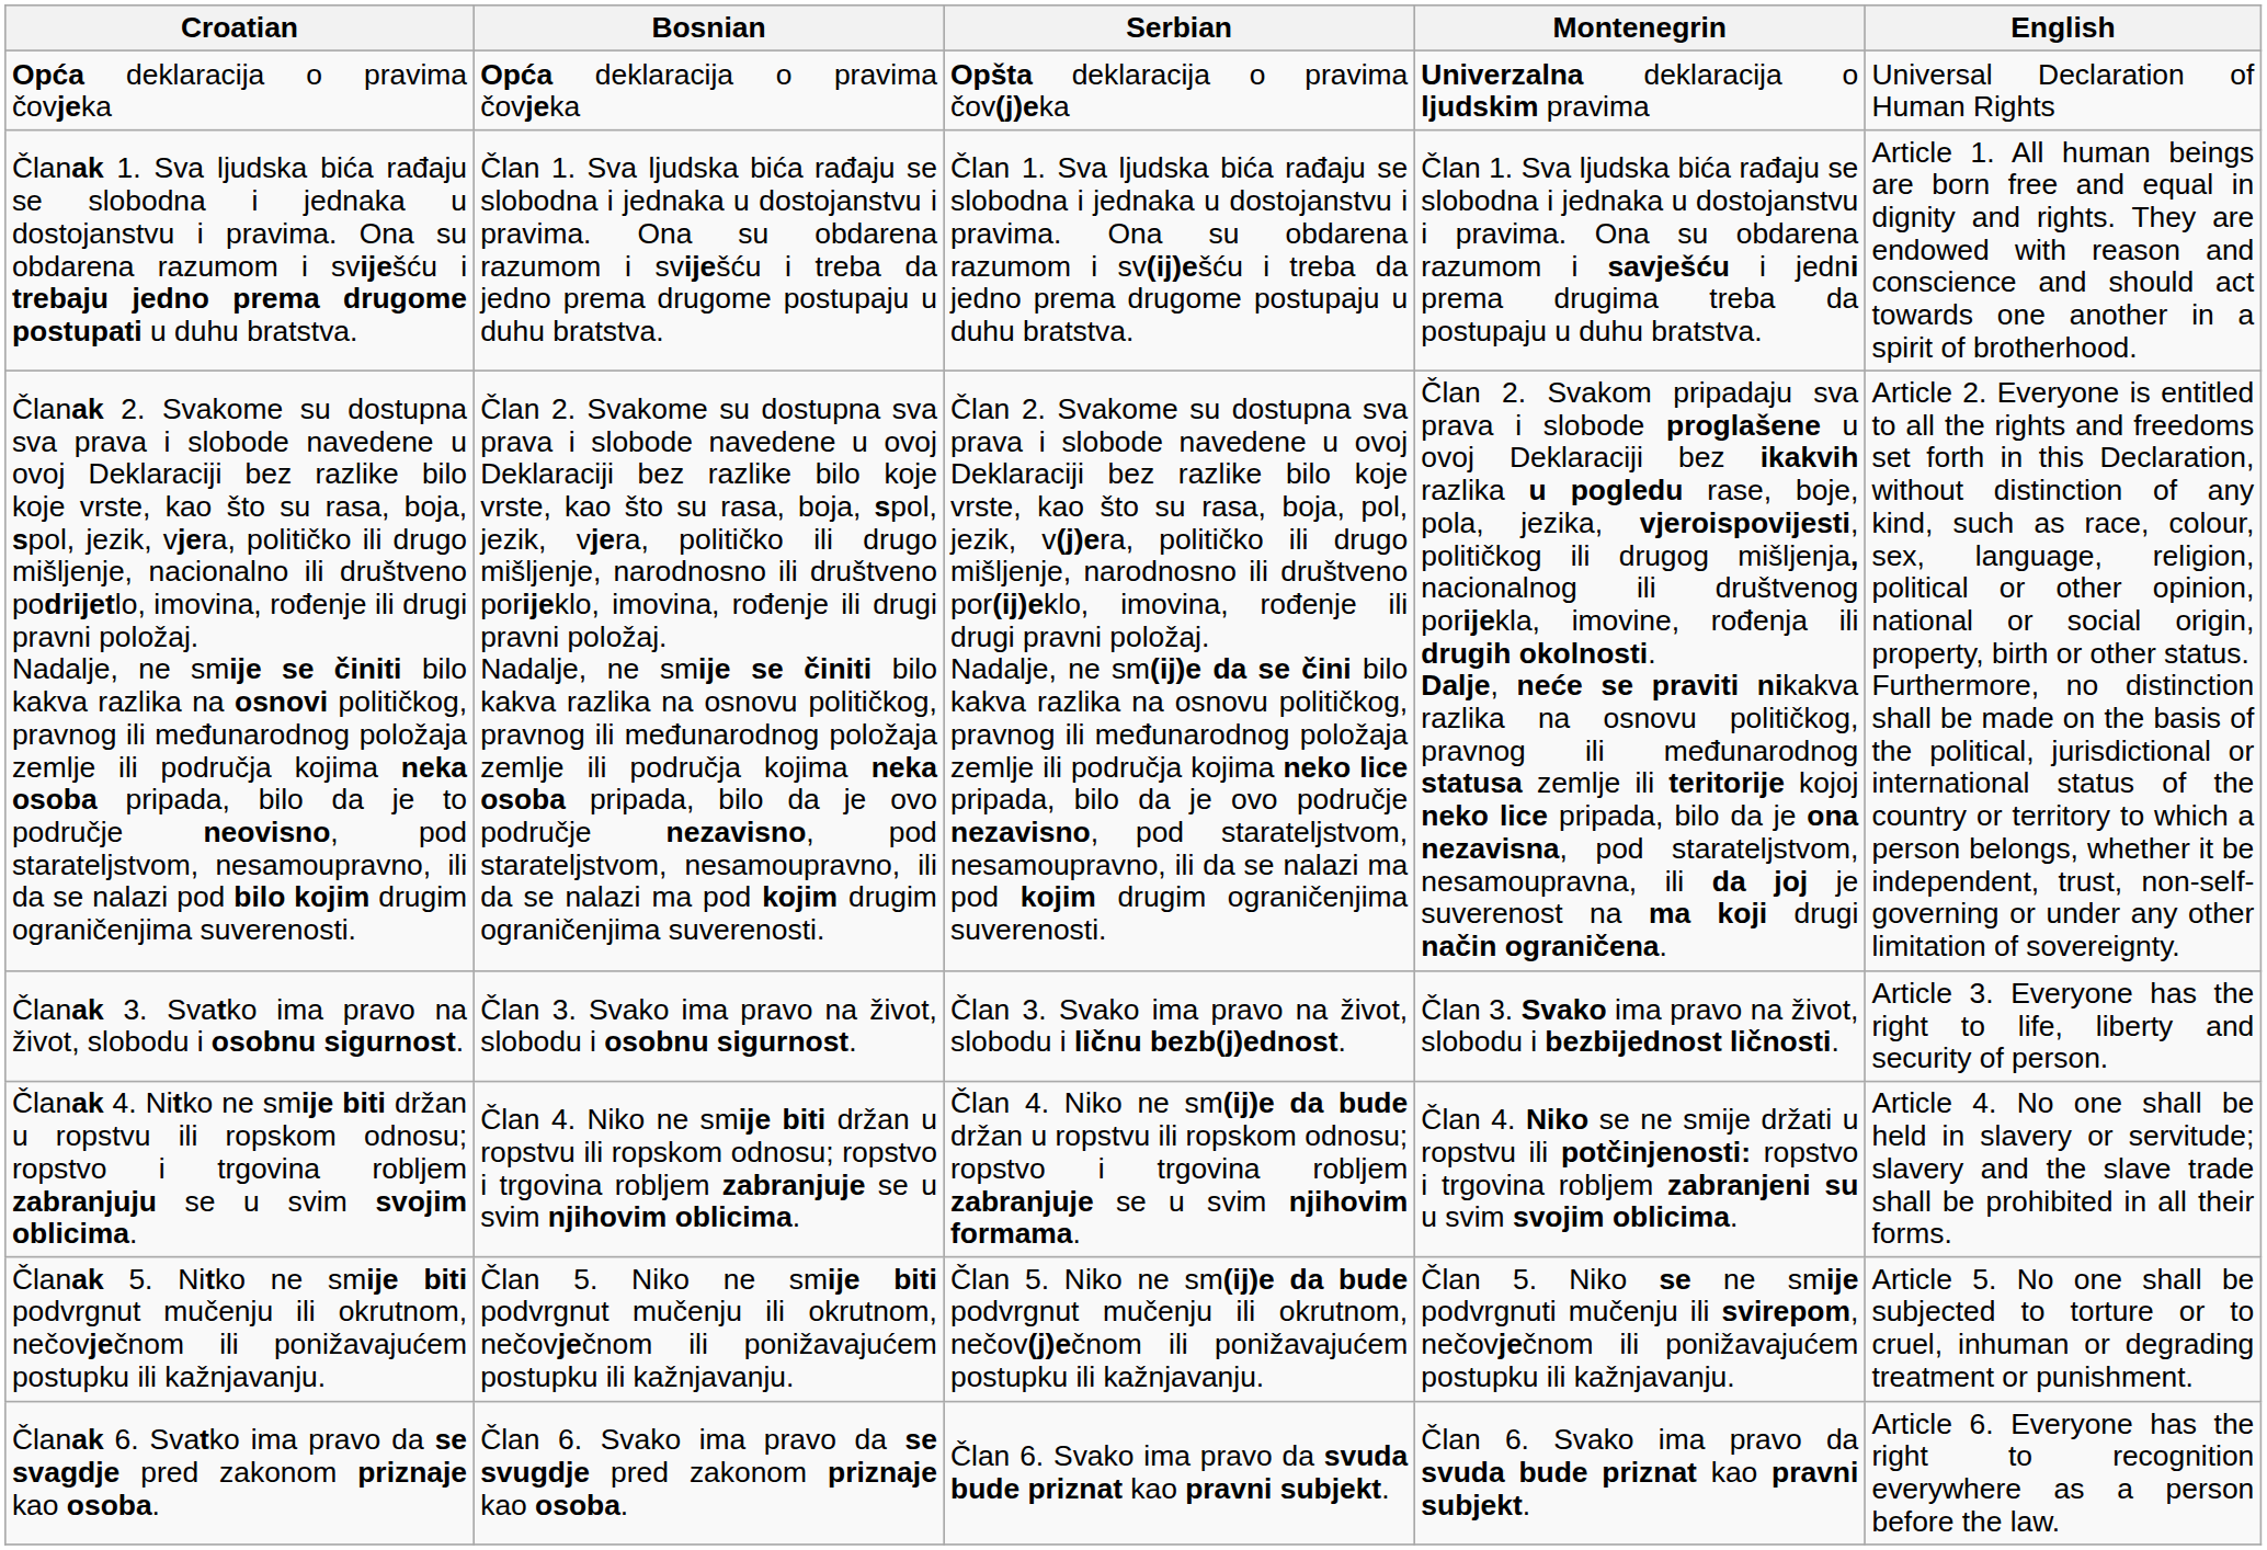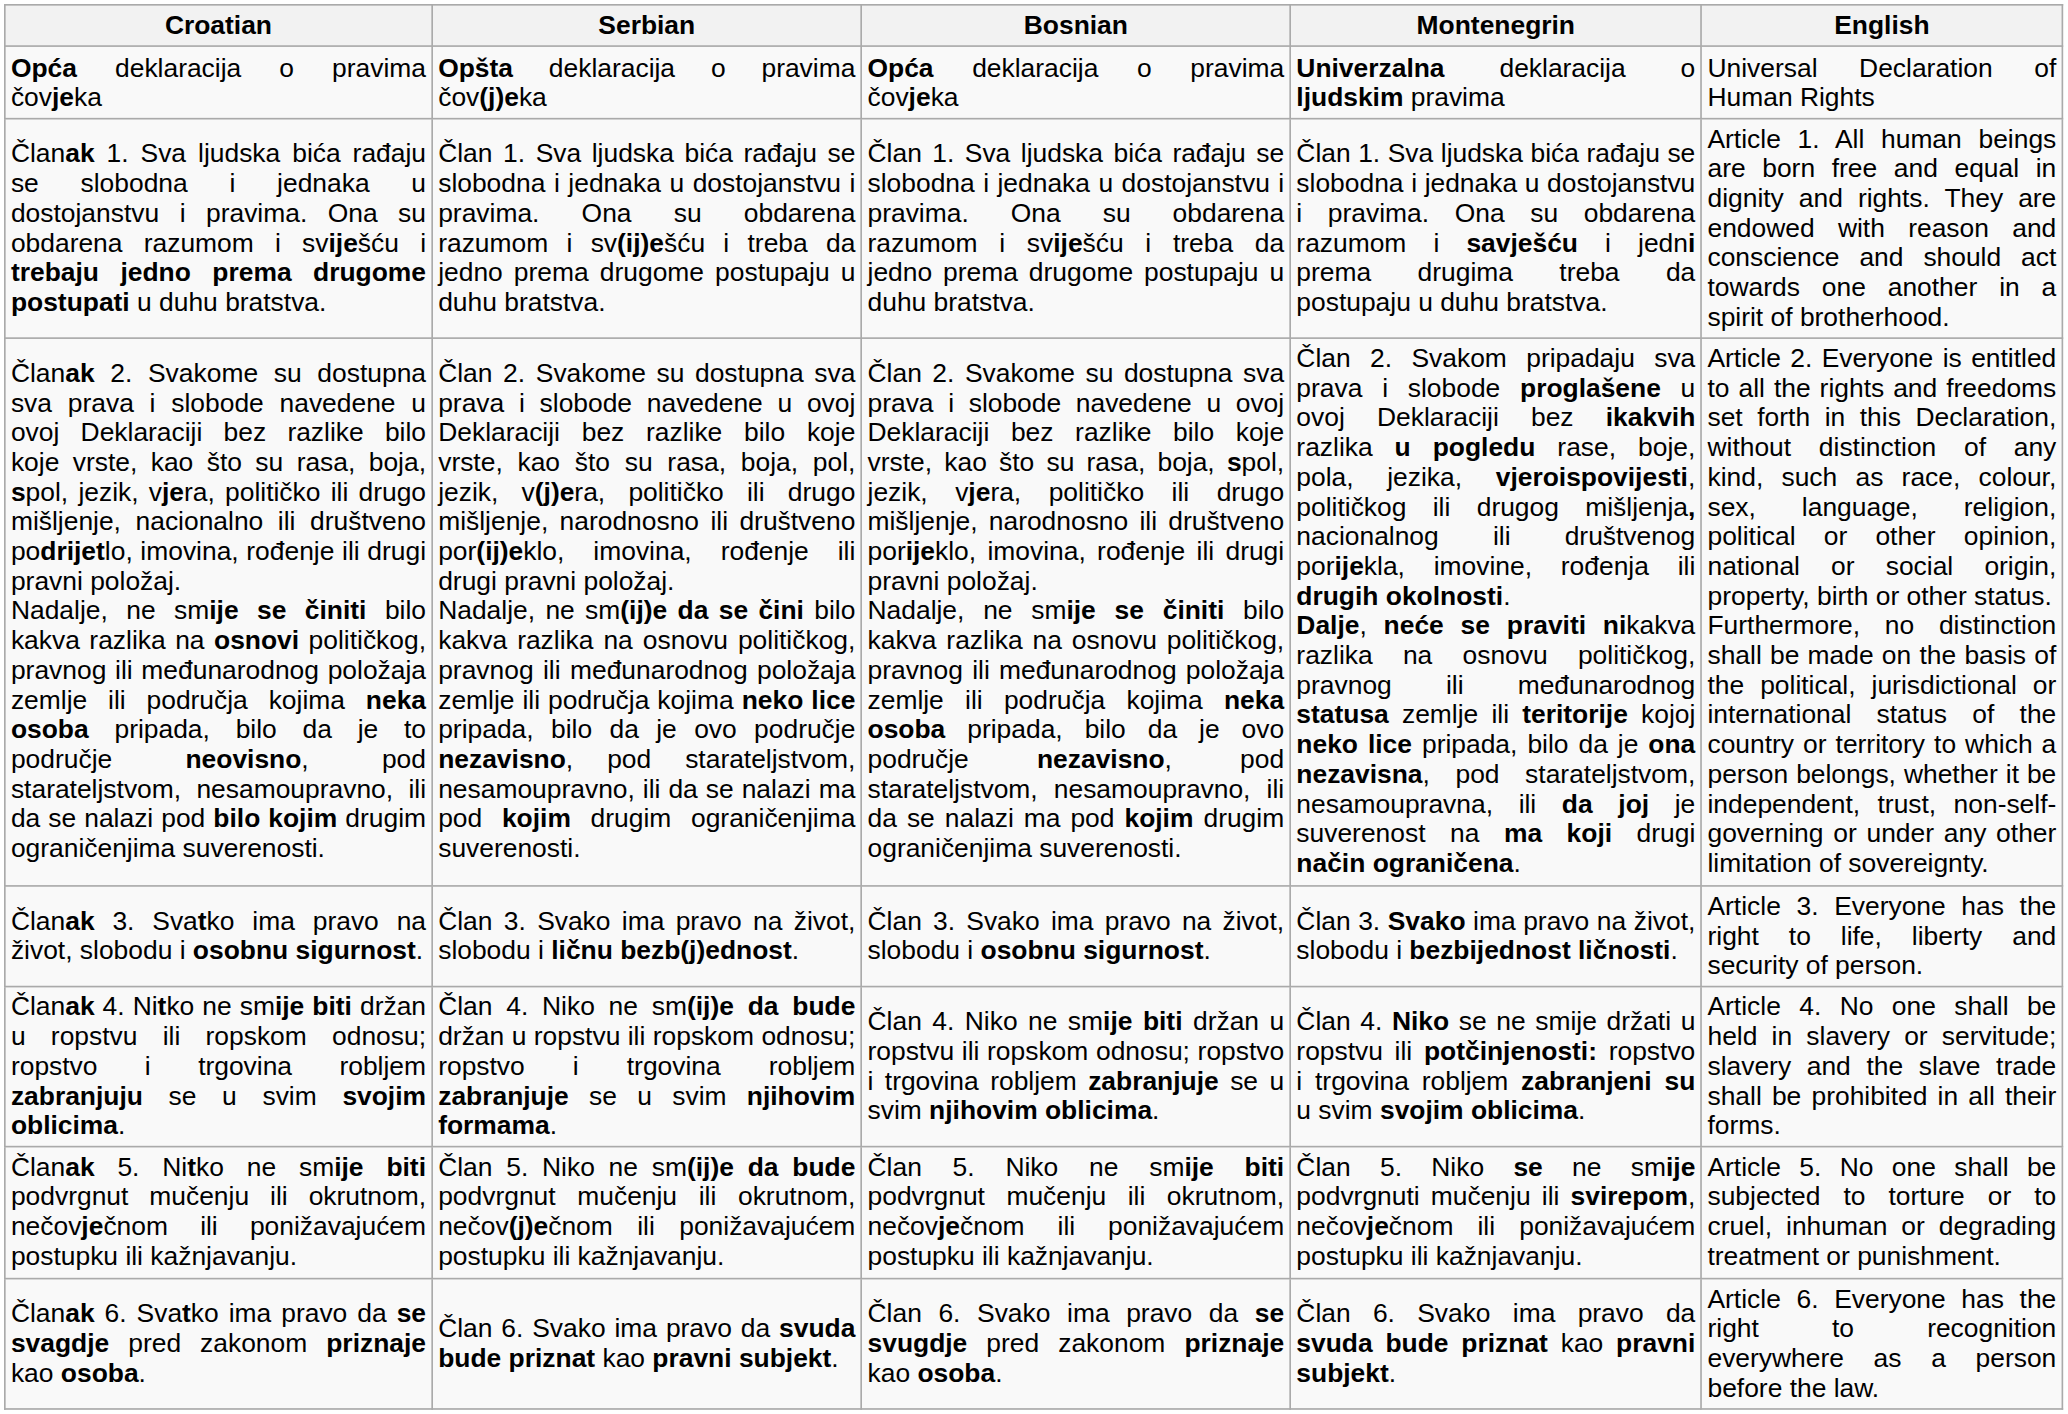 <table class="wikitable" style="text-align: justify;">
 <tr>
 <th>Croatian</th>
+<th>Serbian</th>
 <th>Bosnian</th>
-<th>Serbian</th>
 <th>Montenegrin</th>
 <th>English</th>
 </tr>
 <tr>
 <td><strong>Opća</strong> deklaracija o pravima čov<strong>je</strong>ka</td>
+<td><strong>Opšta</strong> deklaracija o pravima čov<strong>(j)e</strong>ka</td>
 <td><strong>Opća</strong> deklaracija o pravima čov<strong>je</strong>ka</td>
-<td><strong>Opšta</strong> deklaracija o pravima čov<strong>(j)e</strong>ka</td>
 <td><strong>Univerzalna</strong> deklaracija o <strong>ljudskim</strong> pravima</td>
 <td>Universal Declaration of Human Rights</td>
 </tr>
 <tr>
 <td>Član<strong>ak</strong> 1. Sva ljudska bića rađaju se slobodna i jednaka u dostojanstvu i pravima. Ona su obdarena razumom i sv<strong>ije</strong>šću i <strong>trebaju jedno prema drugome postupati</strong> u duhu bratstva.</td>
+<td>Član 1. Sva ljudska bića rađaju se slobodna i jednaka u dostojanstvu i pravima. Ona su obdarena razumom i sv<strong>(ij)e</strong>šću i treba da jedno prema drugome postupaju u duhu bratstva.</td>
 <td>Član 1. Sva ljudska bića rađaju se slobodna i jednaka u dostojanstvu i pravima. Ona su obdarena razumom i sv<strong>ije</strong>šću i treba da jedno prema drugome postupaju u duhu bratstva.</td>
-<td>Član 1. Sva ljudska bića rađaju se slobodna i jednaka u dostojanstvu i pravima. Ona su obdarena razumom i sv<strong>(ij)e</strong>šću i treba da jedno prema drugome postupaju u duhu bratstva.</td>
 <td>Član 1. Sva ljudska bića rađaju se slobodna i jednaka u dostojanstvu i pravima. Ona su obdarena razumom i <strong>savješću</strong> i jedn<strong>i</strong> prema drugima treba da postupaju u duhu bratstva.</td>
 <td>Article 1. All human beings are born free and equal in dignity and rights. They are endowed with reason and conscience and should act towards one another in a spirit of brotherhood.</td>
 </tr>
 <tr>
 <td>Član<strong>ak</strong> 2. Svakome su dostupna sva prava i slobode navedene u ovoj Deklaraciji bez razlike bilo koje vrste, kao što su rasa, boja, <strong>s</strong>pol, jezik, v<strong>je</strong>ra, političko ili drugo mišljenje, nacionalno ili društveno po<strong>drijet</strong>lo, imovina, rođenje ili drugi pravni položaj.<br>Nadalje, ne sm<strong>ije</strong> <strong>se činiti</strong> bilo kakva razlika na <strong>osnovi</strong> političkog, pravnog ili međunarodnog položaja zemlje ili područja kojima <strong>neka osoba</strong> pripada, bilo da je to područje <strong>neovisno</strong>, pod starateljstvom, nesamoupravno, ili da se nalazi pod <strong>bilo kojim</strong> drugim ograničenjima suverenosti.</td>
+<td>Član 2. Svakome su dostupna sva prava i slobode navedene u ovoj Deklaraciji bez razlike bilo koje vrste, kao što su rasa, boja, pol, jezik, v<strong>(j)e</strong>ra, političko ili drugo mišljenje, narodnosno ili društveno por<strong>(ij)e</strong>klo, imovina, rođenje ili drugi pravni položaj.<br>Nadalje, ne sm<strong>(ij)e</strong> <strong>da se čini</strong> bilo kakva razlika na osnovu političkog, pravnog ili međunarodnog položaja zemlje ili područja kojima <strong>neko lice</strong> pripada, bilo da je ovo područje <strong>nezavisno</strong>, pod starateljstvom, nesamoupravno, ili da se nalazi ma pod <strong>kojim</strong> drugim ograničenjima suverenosti.</td>
 <td>Član 2. Svakome su dostupna sva prava i slobode navedene u ovoj Deklaraciji bez razlike bilo koje vrste, kao što su rasa, boja, <strong>s</strong>pol, jezik, v<strong>je</strong>ra, političko ili drugo mišljenje, narodnosno ili društveno por<strong>ije</strong>klo, imovina, rođenje ili drugi pravni položaj.<br>Nadalje, ne sm<strong>ije</strong> <strong>se činiti</strong> bilo kakva razlika na osnovu političkog, pravnog ili međunarodnog položaja zemlje ili područja kojima <strong>neka osoba</strong> pripada, bilo da je ovo područje <strong>nezavisno</strong>, pod starateljstvom, nesamoupravno, ili da se nalazi ma pod <strong>kojim</strong> drugim ograničenjima suverenosti.</td>
-<td>Član 2. Svakome su dostupna sva prava i slobode navedene u ovoj Deklaraciji bez razlike bilo koje vrste, kao što su rasa, boja, pol, jezik, v<strong>(j)e</strong>ra, političko ili drugo mišljenje, narodnosno ili društveno por<strong>(ij)e</strong>klo, imovina, rođenje ili drugi pravni položaj.<br>Nadalje, ne sm<strong>(ij)e</strong> <strong>da se čini</strong> bilo kakva razlika na osnovu političkog, pravnog ili međunarodnog položaja zemlje ili područja kojima <strong>neko lice</strong> pripada, bilo da je ovo područje <strong>nezavisno</strong>, pod starateljstvom, nesamoupravno, ili da se nalazi ma pod <strong>kojim</strong> drugim ograničenjima suverenosti.</td>
 <td>Član 2. Svakom pripadaju sva prava i slobode <strong>proglašene</strong> u ovoj Deklaraciji bez <strong>ikakvih</strong> razlika <strong>u pogledu</strong> rase, boje, pola, jezika, <strong>vjeroispovijesti</strong>, političkog ili drugog mišljenja<strong>,</strong> nacionalnog ili društvenog por<strong>ije</strong>kla, imovine, rođenja ili <strong>drugih okolnosti</strong>.<br><strong>Dalje</strong>, <strong>neće</strong> <strong>se</strong> <strong>praviti ni</strong>kakva razlika na osnovu političkog, pravnog ili međunarodnog <strong>statusa</strong> zemlje ili <strong>teritorije</strong> kojoj <strong>neko lice</strong> pripada, bilo da je <strong>ona</strong> <strong>nezavisna</strong>, pod starateljstvom, nesamoupravna, ili <strong>da joj</strong> je suverenost na <strong>ma koji</strong> drugi <strong>način</strong> <strong>ograničena</strong>.</td>
 <td>Article 2. Everyone is entitled to all the rights and freedoms set forth in this Declaration, without distinction of any kind, such as race, colour, sex, language, religion, political or other opinion, national or social origin, property, birth or other status.<br>Furthermore, no distinction shall be made on the basis of the political, jurisdictional or international status of the country or territory to which a person belongs, whether it be independent, trust, non-self-governing or under any other limitation of sovereignty.</td>
 </tr>
 <tr>
 <td>Član<strong>ak</strong> 3. Sva<strong>t</strong>ko ima pravo na život, slobodu i <strong>osobnu sigurnost</strong>.</td>
+<td>Član 3. Svako ima pravo na život, slobodu i <strong>ličnu bezb(j)ednost</strong>.</td>
 <td>Član 3. Svako ima pravo na život, slobodu i <strong>osobnu sigurnost</strong>.</td>
-<td>Član 3. Svako ima pravo na život, slobodu i <strong>ličnu bezb(j)ednost</strong>.</td>
 <td>Član 3. <strong>Svako</strong> ima pravo na život, slobodu i <strong>bezbijednost ličnosti</strong>.</td>
 <td>Article 3. Everyone has the right to life, liberty and security of person.</td>
 </tr>
 <tr>
 <td>Član<strong>ak</strong> 4. Ni<strong>t</strong>ko ne sm<strong>ije</strong> <strong>biti</strong> držan u ropstvu ili ropskom odnosu; ropstvo i trgovina robljem <strong>zabranjuju</strong> se u svim <strong>svojim</strong> <strong>oblicima</strong>.</td>
+<td>Član 4. Niko ne sm<strong>(ij)e</strong> <strong>da bude</strong> držan u ropstvu ili ropskom odnosu; ropstvo i trgovina robljem <strong>zabranjuje</strong> se u svim <strong>njihovim</strong> <strong>formama</strong>.</td>
 <td>Član 4. Niko ne sm<strong>ije</strong> <strong>biti</strong> držan u ropstvu ili ropskom odnosu; ropstvo i trgovina robljem <strong>zabranjuje</strong> se u svim <strong>njihovim</strong> <strong>oblicima</strong>.</td>
-<td>Član 4. Niko ne sm<strong>(ij)e</strong> <strong>da bude</strong> držan u ropstvu ili ropskom odnosu; ropstvo i trgovina robljem <strong>zabranjuje</strong> se u svim <strong>njihovim</strong> <strong>formama</strong>.</td>
 <td>Član 4. <strong>Niko</strong> se ne smije držati u ropstvu ili <strong>potčinjenosti:</strong> ropstvo i trgovina robljem <strong>zabranjeni su</strong> u svim <strong>svojim oblicima</strong>.</td>
 <td>Article 4. No one shall be held in slavery or servitude; slavery and the slave trade shall be prohibited in all their forms.</td>
 </tr>
 <tr>
 <td>Član<strong>ak</strong> 5. Ni<strong>t</strong>ko ne sm<strong>ije</strong> <strong>biti</strong> podvrgnut mučenju ili okrutnom, nečov<strong>je</strong>čnom ili ponižavajućem postupku ili kažnjavanju.</td>
+<td>Član 5. Niko ne sm<strong>(ij)e</strong> <strong>da bude</strong> podvrgnut mučenju ili okrutnom, nečov<strong>(j)e</strong>čnom ili ponižavajućem postupku ili kažnjavanju.</td>
 <td>Član 5. Niko ne sm<strong>ije</strong> <strong>biti</strong> podvrgnut mučenju ili okrutnom, nečov<strong>je</strong>čnom ili ponižavajućem postupku ili kažnjavanju.</td>
-<td>Član 5. Niko ne sm<strong>(ij)e</strong> <strong>da bude</strong> podvrgnut mučenju ili okrutnom, nečov<strong>(j)e</strong>čnom ili ponižavajućem postupku ili kažnjavanju.</td>
 <td>Član 5. Niko <strong>se</strong> ne sm<strong>ije</strong> podvrgnuti mučenju ili <strong>svirepom</strong>, nečov<strong>je</strong>čnom ili ponižavajućem postupku ili kažnjavanju.</td>
 <td>Article 5. No one shall be subjected to torture or to cruel, inhuman or degrading treatment or punishment.</td>
 </tr>
 <tr>
 <td>Član<strong>ak</strong> 6. Sva<strong>t</strong>ko ima pravo da <strong>se svagdje</strong> pred zakonom <strong>priznaje</strong> kao <strong>osoba</strong>.</td>
+<td>Član 6. Svako ima pravo da <strong>svuda bude priznat</strong> kao <strong>pravni subjekt</strong>.</td>
 <td>Član 6. Svako ima pravo da <strong>se svugdje</strong> pred zakonom <strong>priznaje</strong> kao <strong>osoba</strong>.</td>
-<td>Član 6. Svako ima pravo da <strong>svuda bude priznat</strong> kao <strong>pravni subjekt</strong>.</td>
 <td>Član 6. Svako ima pravo da <strong>svuda bude priznat</strong> kao <strong>pravni subjekt</strong>.</td>
 <td>Article 6. Everyone has the right to recognition everywhere as a person before the law.</td>
 </tr>
 </table>
